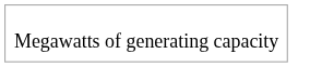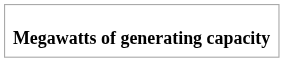 <table style="border:solid 1px #aaa;" cellpadding="7" cellspacing="0" class="floatleft">
 <tr>
 <td></td>
 </tr>
 <tr>
-<td>Megawatts of generating capacity</td>
+<td><strong>Megawatts of generating capacity</strong></td>
 </tr>
 </table>
